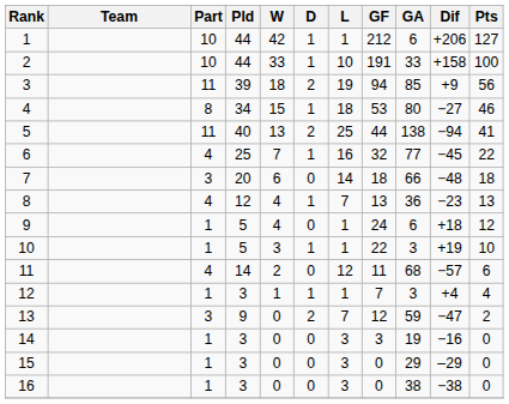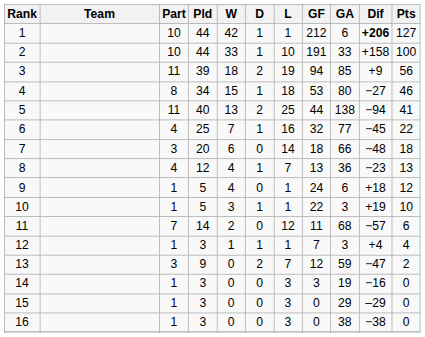 <table class="wikitable sortable" style="text-align:center">
 <tr>
 <th width=20>Rank</th>
 <th width=150>Team</th>
 <th width=30>Part</th>
 <th width=30>Pld</th>
 <th width=30>W</th>
 <th width=30>D</th>
 <th width=30>L</th>
 <th width=30>GF</th>
 <th width=30>GA</th>
 <th width=30>Dif</th>
 <th width=30>Pts</th>
 </tr>
 <tr>
 <td>1</td>
 <td style="text-align:left;"></td>
 <td>10</td>
 <td>44</td>
 <td>42</td>
 <td>1</td>
 <td>1</td>
 <td>212</td>
 <td>6</td>
-<td>+206</td>
+<td><strong>+206</strong></td>
 <td>127</td>
 </tr>
 <tr>
 <td>2</td>
 <td style="text-align:left;"></td>
 <td>10</td>
 <td>44</td>
 <td>33</td>
 <td>1</td>
 <td>10</td>
 <td>191</td>
 <td>33</td>
 <td>+158</td>
 <td>100</td>
 </tr>
 <tr>
 <td>3</td>
 <td style="text-align:left;"></td>
 <td>11</td>
 <td>39</td>
 <td>18</td>
 <td>2</td>
 <td>19</td>
 <td>94</td>
 <td>85</td>
 <td>+9</td>
 <td>56</td>
 </tr>
 <tr>
 <td>4</td>
 <td style="text-align:left;"></td>
 <td>8</td>
 <td>34</td>
 <td>15</td>
 <td>1</td>
 <td>18</td>
 <td>53</td>
 <td>80</td>
 <td>−27</td>
 <td>46</td>
 </tr>
 <tr>
 <td>5</td>
 <td style="text-align:left;"></td>
 <td>11</td>
 <td>40</td>
 <td>13</td>
 <td>2</td>
 <td>25</td>
 <td>44</td>
 <td>138</td>
 <td>−94</td>
 <td>41</td>
 </tr>
 <tr>
 <td>6</td>
 <td style="text-align:left;"></td>
 <td>4</td>
 <td>25</td>
 <td>7</td>
 <td>1</td>
 <td>16</td>
 <td>32</td>
 <td>77</td>
 <td>−45</td>
 <td>22</td>
 </tr>
 <tr>
 <td>7</td>
 <td style="text-align:left;"></td>
 <td>3</td>
 <td>20</td>
 <td>6</td>
 <td>0</td>
 <td>14</td>
 <td>18</td>
 <td>66</td>
 <td>−48</td>
 <td>18</td>
 </tr>
 <tr>
 <td>8</td>
 <td style="text-align:left;"></td>
 <td>4</td>
 <td>12</td>
 <td>4</td>
 <td>1</td>
 <td>7</td>
 <td>13</td>
 <td>36</td>
 <td>−23</td>
 <td>13</td>
 </tr>
 <tr>
 <td>9</td>
 <td style="text-align:left;"></td>
 <td>1</td>
 <td>5</td>
 <td>4</td>
 <td>0</td>
 <td>1</td>
 <td>24</td>
 <td>6</td>
 <td>+18</td>
 <td>12</td>
 </tr>
 <tr>
 <td>10</td>
 <td style="text-align:left;"></td>
 <td>1</td>
 <td>5</td>
 <td>3</td>
 <td>1</td>
 <td>1</td>
 <td>22</td>
 <td>3</td>
 <td>+19</td>
 <td>10</td>
 </tr>
 <tr>
 <td>11</td>
 <td style="text-align:left;"></td>
-<td>4</td>
+<td>7</td>
 <td>14</td>
 <td>2</td>
 <td>0</td>
 <td>12</td>
 <td>11</td>
 <td>68</td>
 <td>−57</td>
 <td>6</td>
 </tr>
 <tr>
 <td>12</td>
 <td style="text-align:left;"></td>
 <td>1</td>
 <td>3</td>
 <td>1</td>
 <td>1</td>
 <td>1</td>
 <td>7</td>
 <td>3</td>
 <td>+4</td>
 <td>4</td>
 </tr>
 <tr>
 <td>13</td>
 <td style="text-align:left;"></td>
 <td>3</td>
 <td>9</td>
 <td>0</td>
 <td>2</td>
 <td>7</td>
 <td>12</td>
 <td>59</td>
 <td>−47</td>
 <td>2</td>
 </tr>
 <tr>
 <td>14</td>
 <td style="text-align:left;"></td>
 <td>1</td>
 <td>3</td>
 <td>0</td>
 <td>0</td>
 <td>3</td>
 <td>3</td>
 <td>19</td>
 <td>−16</td>
 <td>0</td>
 </tr>
 <tr>
 <td>15</td>
 <td style="text-align:left;"></td>
 <td>1</td>
 <td>3</td>
 <td>0</td>
 <td>0</td>
 <td>3</td>
 <td>0</td>
 <td>29</td>
 <td>–29</td>
 <td>0</td>
 </tr>
 <tr>
 <td>16</td>
 <td style="text-align:left;"></td>
 <td>1</td>
 <td>3</td>
 <td>0</td>
 <td>0</td>
 <td>3</td>
 <td>0</td>
 <td>38</td>
 <td>−38</td>
 <td>0</td>
 </tr>
 <tr>
 </tr>
 </table>
